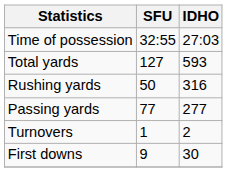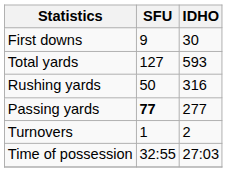 <table class="wikitable" style="float: left;">
 <tr>
 <th>Statistics</th>
 <th>SFU</th>
 <th>IDHO</th>
 </tr>
 <tr>
-<td>Time of possession</td>
-<td>32:55</td>
-<td>27:03</td>
+<td>First downs</td>
+<td>9</td>
+<td>30</td>
 </tr>
 <tr>
 <td>Total yards</td>
 <td>127</td>
 <td>593</td>
 </tr>
 <tr>
 <td>Rushing yards</td>
 <td>50</td>
 <td>316</td>
 </tr>
 <tr>
 <td>Passing yards</td>
-<td>77</td>
+<td><strong>77</strong></td>
 <td>277</td>
 </tr>
 <tr>
 <td>Turnovers</td>
 <td>1</td>
 <td>2</td>
 </tr>
 <tr>
-<td>First downs</td>
-<td>9</td>
-<td>30</td>
+<td>Time of possession</td>
+<td>32:55</td>
+<td>27:03</td>
 </tr>
 <tr>
 </tr>
 </table>
